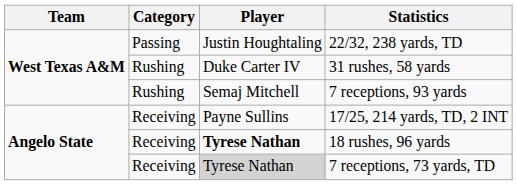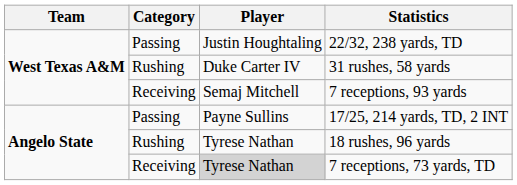 <table class="wikitable" style="float: left;">
 <tr>
 <th>Team</th>
 <th>Category</th>
 <th>Player</th>
 <th>Statistics</th>
 </tr>
 <tr>
 <td rowspan=3><strong>West Texas A&M</strong></td>
 <td>Passing</td>
 <td>Justin Houghtaling</td>
 <td>22/32, 238 yards, TD</td>
 </tr>
 <tr>
 <td>Rushing</td>
 <td>Duke Carter IV</td>
 <td>31 rushes, 58 yards</td>
 </tr>
 <tr>
-<td>Rushing</td>
+<td>Receiving</td>
 <td>Semaj Mitchell</td>
 <td>7 receptions, 93 yards</td>
 </tr>
 <tr>
 <td rowspan=3><strong>Angelo State</strong></td>
-<td>Receiving</td>
+<td>Passing</td>
 <td>Payne Sullins</td>
 <td>17/25, 214 yards, TD, 2 INT</td>
 </tr>
 <tr>
-<td>Receiving</td>
-<td><strong>Tyrese Nathan</strong></td>
+<td>Rushing</td>
+<td>Tyrese Nathan</td>
 <td>18 rushes, 96 yards</td>
 </tr>
 <tr>
 <td>Receiving</td>
 <td style="background: lightgrey;">Tyrese Nathan</td>
 <td>7 receptions, 73 yards, TD</td>
 </tr>
 </table>
